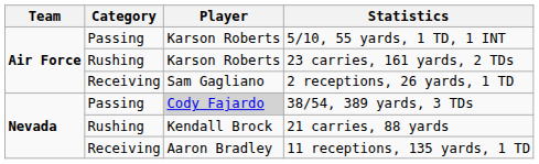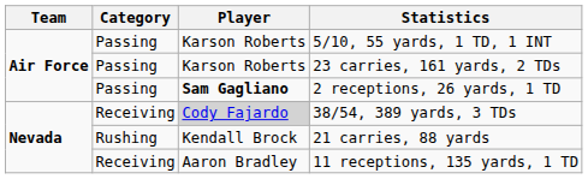 <table class="wikitable" style="float: left;">
 <tr>
 <th>Team</th>
 <th>Category</th>
 <th>Player</th>
 <th>Statistics</th>
 </tr>
 <tr>
 <td rowspan=3><strong>Air Force</strong></td>
 <td>Passing</td>
 <td>Karson Roberts</td>
 <td>5/10, 55 yards, 1 TD, 1 INT</td>
 </tr>
 <tr>
-<td>Rushing</td>
+<td>Passing</td>
 <td>Karson Roberts</td>
 <td>23 carries, 161 yards, 2 TDs</td>
 </tr>
 <tr>
-<td>Receiving</td>
-<td>Sam Gagliano</td>
+<td>Passing</td>
+<td><strong>Sam Gagliano</strong></td>
 <td>2 receptions, 26 yards, 1 TD</td>
 </tr>
 <tr>
 <td rowspan=3><strong>Nevada</strong></td>
-<td>Passing</td>
+<td>Receiving</td>
 <td style="background: lightgrey;"><a href='#'>Cody Fajardo</a></td>
 <td>38/54, 389 yards, 3 TDs</td>
 </tr>
 <tr>
 <td>Rushing</td>
 <td>Kendall Brock</td>
 <td>21 carries, 88 yards</td>
 </tr>
 <tr>
 <td>Receiving</td>
 <td>Aaron Bradley</td>
 <td>11 receptions, 135 yards, 1 TD</td>
 </tr>
 </table>
